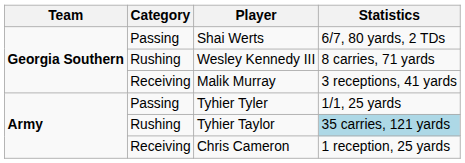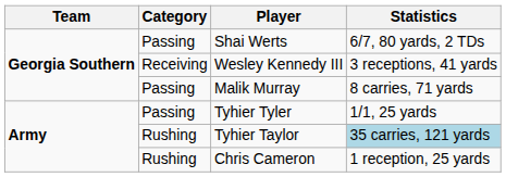 <table class="wikitable" style="float: left;">
 <tr>
 <th>Team</th>
 <th>Category</th>
 <th>Player</th>
 <th>Statistics</th>
 </tr>
 <tr>
 <td rowspan=3><strong>Georgia Southern</strong></td>
 <td>Passing</td>
 <td>Shai Werts</td>
 <td>6/7, 80 yards, 2 TDs</td>
 </tr>
 <tr>
-<td>Rushing</td>
+<td>Receiving</td>
 <td>Wesley Kennedy III</td>
-<td>8 carries, 71 yards</td>
+<td>3 receptions, 41 yards</td>
 </tr>
 <tr>
-<td>Receiving</td>
+<td>Passing</td>
 <td>Malik Murray</td>
-<td>3 receptions, 41 yards</td>
+<td>8 carries, 71 yards</td>
 </tr>
 <tr>
 <td rowspan=3><strong>Army</strong></td>
 <td>Passing</td>
 <td>Tyhier Tyler</td>
 <td>1/1, 25 yards</td>
 </tr>
 <tr>
 <td>Rushing</td>
 <td>Tyhier Taylor</td>
 <td style="background: lightblue;">35 carries, 121 yards</td>
 </tr>
 <tr>
-<td>Receiving</td>
+<td>Rushing</td>
 <td>Chris Cameron</td>
 <td>1 reception, 25 yards</td>
 </tr>
 </table>
